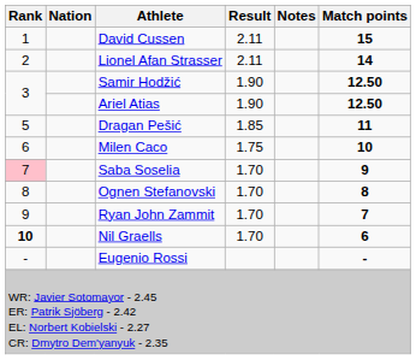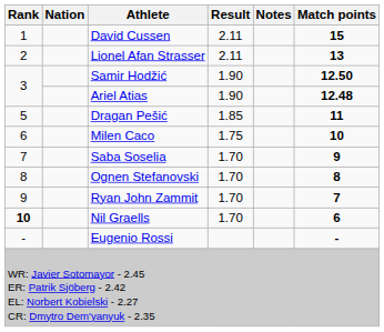 <table class="wikitable sortable" style="text-align:left;">
 <tr>
 <th>Rank</th>
 <th>Nation</th>
 <th>Athlete</th>
 <th>Result</th>
 <th>Notes</th>
 <th>Match points</th>
 </tr>
 <tr>
 <td align=center>1</td>
 <td></td>
 <td><a href='#'>David Cussen</a></td>
 <td align=center>2.11</td>
 <td align=center></td>
 <td align=center><strong>15</strong></td>
 </tr>
 <tr>
 <td align=center>2</td>
 <td></td>
 <td><a href='#'>Lionel Afan Strasser</a></td>
 <td align=center>2.11</td>
 <td></td>
-<td align=center><strong>14</strong></td>
+<td align=center><strong>13</strong></td>
 </tr>
 <tr>
 <td align=center rowspan=2>3</td>
 <td></td>
 <td><a href='#'>Samir Hodžić</a></td>
 <td align=center>1.90</td>
 <td align=center></td>
 <td align=center><strong>12.50</strong></td>
 </tr>
 <tr>
 <td></td>
 <td><a href='#'>Ariel Atias</a></td>
 <td align=center>1.90</td>
 <td align=center></td>
-<td align=center><strong>12.50</strong></td>
+<td align=center><strong>12.48</strong></td>
 </tr>
 <tr>
 <td align=center>5</td>
 <td></td>
 <td><a href='#'>Dragan Pešić</a></td>
 <td align=center>1.85</td>
 <td></td>
 <td align=center><strong>11</strong></td>
 </tr>
 <tr>
 <td align=center>6</td>
 <td></td>
 <td><a href='#'>Milen Caco</a></td>
 <td align=center>1.75</td>
 <td align=center></td>
 <td align=center><strong>10</strong></td>
 </tr>
 <tr>
-<td align=center style="background: pink;">7</td>
+<td align=center>7</td>
 <td></td>
 <td><a href='#'>Saba Soselia</a></td>
 <td align=center>1.70</td>
 <td align=center></td>
 <td align=center><strong>9</strong></td>
 </tr>
 <tr>
 <td align=center>8</td>
 <td></td>
 <td><a href='#'>Ognen Stefanovski</a></td>
 <td align=center>1.70</td>
 <td align=center></td>
 <td align=center><strong>8</strong></td>
 </tr>
 <tr>
 <td align=center>9</td>
 <td></td>
 <td><a href='#'>Ryan John Zammit</a></td>
 <td align=center>1.70</td>
 <td align=center></td>
 <td align=center><strong>7</strong></td>
 </tr>
 <tr>
 <td align=center><strong>10</strong></td>
 <td></td>
 <td><a href='#'>Nil Graells</a></td>
 <td align=center>1.70</td>
 <td></td>
 <td align=center><strong>6</strong></td>
 </tr>
 <tr>
 <td align=center>-</td>
 <td></td>
 <td><a href='#'>Eugenio Rossi</a></td>
 <td align=center></td>
 <td></td>
 <td align=center><strong>-</strong></td>
 </tr>
 <tr>
 <td colspan="6" bgcolor="#cccccc"><br> <small>WR:   <a href='#'>Javier Sotomayor</a> - 2.45<br>ER:  <a href='#'>Patrik Sjöberg</a> - 2.42<br></small> <small>EL:   <a href='#'>Norbert Kobielski</a> - 2.27<br>CR:  <a href='#'>Dmytro Dem'yanyuk</a> - 2.35</small></td>
 </tr>
 </table>
